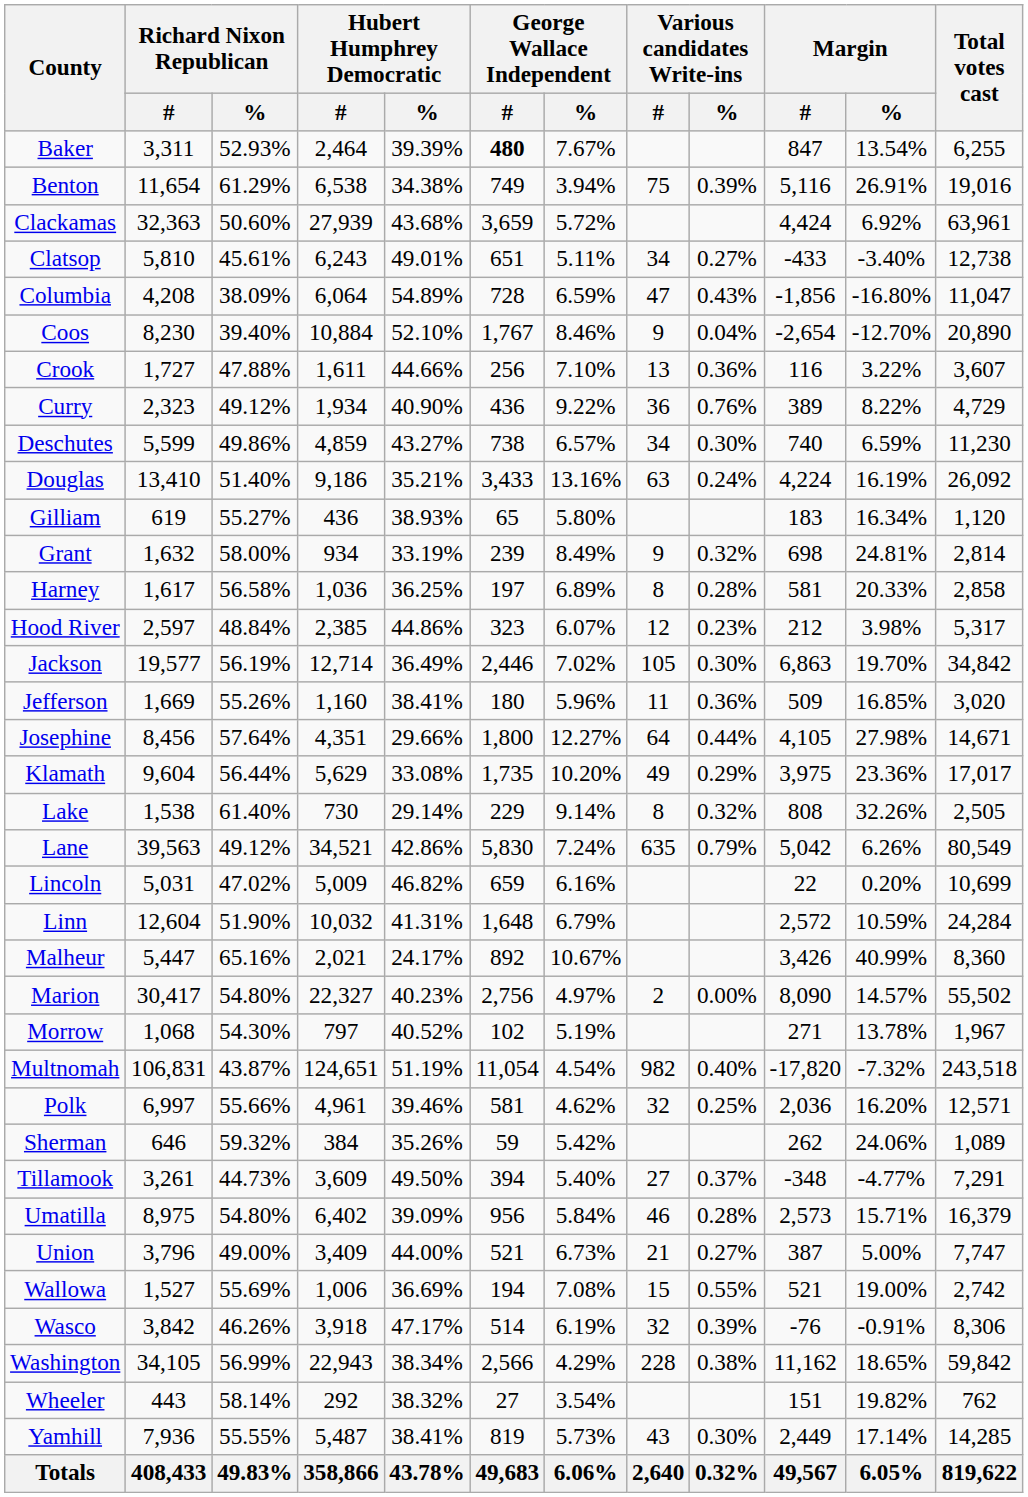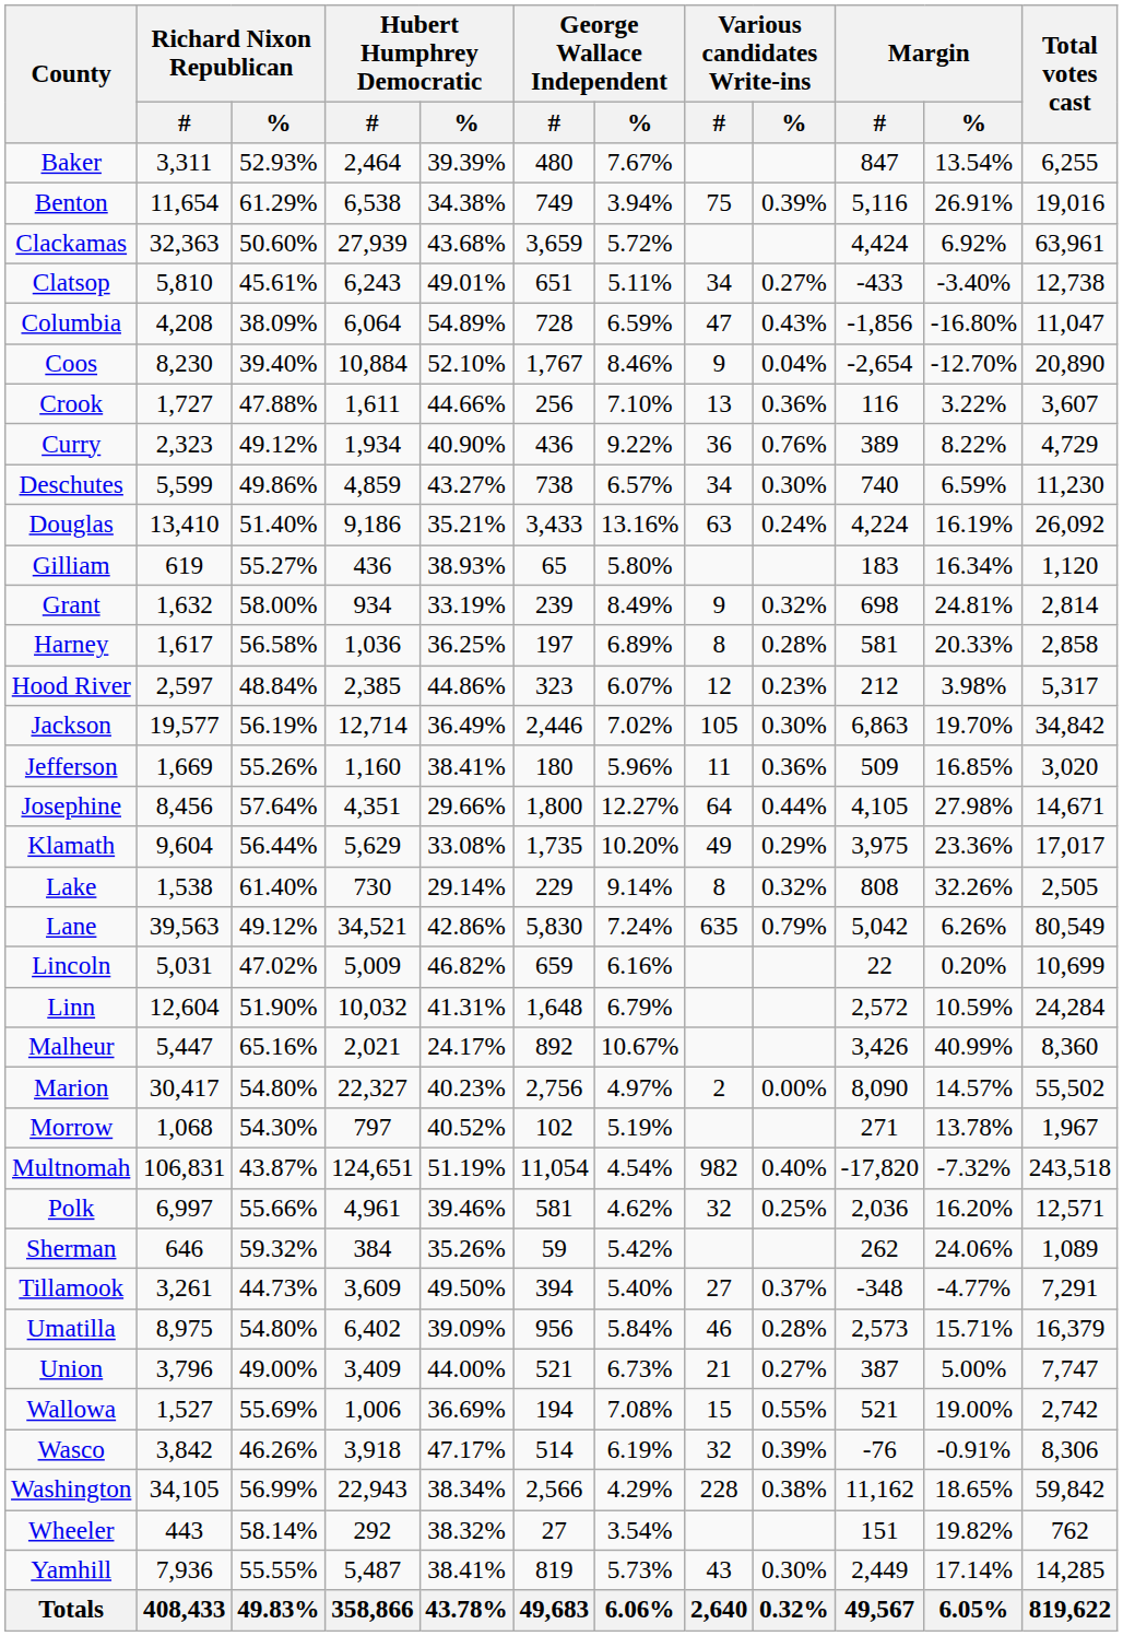 <table width="60%"  class="wikitable sortable" style="text-align:center">
 <tr>
 <th style="text-align:center;" rowspan="2">County</th>
 <th style="text-align:center;" colspan="2">Richard Nixon<br>Republican</th>
 <th style="text-align:center;" colspan="2">Hubert Humphrey<br>Democratic</th>
 <th style="text-align:center;" colspan="2">George Wallace<br>Independent</th>
 <th style="text-align:center;" colspan="2">Various candidates<br>Write-ins</th>
 <th style="text-align:center;" colspan="2">Margin</th>
 <th style="text-align:center;" rowspan="2">Total votes cast</th>
 </tr>
 <tr>
 <th style="text-align:center;" data-sort-type="number">#</th>
 <th style="text-align:center;" data-sort-type="number">%</th>
 <th style="text-align:center;" data-sort-type="number">#</th>
 <th style="text-align:center;" data-sort-type="number">%</th>
 <th style="text-align:center;" data-sort-type="number">#</th>
 <th style="text-align:center;" data-sort-type="number">%</th>
 <th style="text-align:center;" data-sort-type="number">#</th>
 <th style="text-align:center;" data-sort-type="number">%</th>
 <th style="text-align:center;" data-sort-type="number">#</th>
 <th style="text-align:center;" data-sort-type="number">%</th>
 </tr>
 <tr style="text-align:center;">
 <td><a href='#'>Baker</a></td>
 <td>3,311</td>
 <td>52.93%</td>
 <td>2,464</td>
 <td>39.39%</td>
-<td><strong>480</strong></td>
+<td>480</td>
 <td>7.67%</td>
 <td></td>
 <td></td>
 <td>847</td>
 <td>13.54%</td>
 <td>6,255</td>
 </tr>
 <tr style="text-align:center;">
 <td><a href='#'>Benton</a></td>
 <td>11,654</td>
 <td>61.29%</td>
 <td>6,538</td>
 <td>34.38%</td>
 <td>749</td>
 <td>3.94%</td>
 <td>75</td>
 <td>0.39%</td>
 <td>5,116</td>
 <td>26.91%</td>
 <td>19,016</td>
 </tr>
 <tr style="text-align:center;">
 <td><a href='#'>Clackamas</a></td>
 <td>32,363</td>
 <td>50.60%</td>
 <td>27,939</td>
 <td>43.68%</td>
 <td>3,659</td>
 <td>5.72%</td>
 <td></td>
 <td></td>
 <td>4,424</td>
 <td>6.92%</td>
 <td>63,961</td>
 </tr>
 <tr style="text-align:center;">
 <td><a href='#'>Clatsop</a></td>
 <td>5,810</td>
 <td>45.61%</td>
 <td>6,243</td>
 <td>49.01%</td>
 <td>651</td>
 <td>5.11%</td>
 <td>34</td>
 <td>0.27%</td>
 <td>-433</td>
 <td>-3.40%</td>
 <td>12,738</td>
 </tr>
 <tr style="text-align:center;">
 <td><a href='#'>Columbia</a></td>
 <td>4,208</td>
 <td>38.09%</td>
 <td>6,064</td>
 <td>54.89%</td>
 <td>728</td>
 <td>6.59%</td>
 <td>47</td>
 <td>0.43%</td>
 <td>-1,856</td>
 <td>-16.80%</td>
 <td>11,047</td>
 </tr>
 <tr style="text-align:center;">
 <td><a href='#'>Coos</a></td>
 <td>8,230</td>
 <td>39.40%</td>
 <td>10,884</td>
 <td>52.10%</td>
 <td>1,767</td>
 <td>8.46%</td>
 <td>9</td>
 <td>0.04%</td>
 <td>-2,654</td>
 <td>-12.70%</td>
 <td>20,890</td>
 </tr>
 <tr style="text-align:center;">
 <td><a href='#'>Crook</a></td>
 <td>1,727</td>
 <td>47.88%</td>
 <td>1,611</td>
 <td>44.66%</td>
 <td>256</td>
 <td>7.10%</td>
 <td>13</td>
 <td>0.36%</td>
 <td>116</td>
 <td>3.22%</td>
 <td>3,607</td>
 </tr>
 <tr style="text-align:center;">
 <td><a href='#'>Curry</a></td>
 <td>2,323</td>
 <td>49.12%</td>
 <td>1,934</td>
 <td>40.90%</td>
 <td>436</td>
 <td>9.22%</td>
 <td>36</td>
 <td>0.76%</td>
 <td>389</td>
 <td>8.22%</td>
 <td>4,729</td>
 </tr>
 <tr style="text-align:center;">
 <td><a href='#'>Deschutes</a></td>
 <td>5,599</td>
 <td>49.86%</td>
 <td>4,859</td>
 <td>43.27%</td>
 <td>738</td>
 <td>6.57%</td>
 <td>34</td>
 <td>0.30%</td>
 <td>740</td>
 <td>6.59%</td>
 <td>11,230</td>
 </tr>
 <tr style="text-align:center;">
 <td><a href='#'>Douglas</a></td>
 <td>13,410</td>
 <td>51.40%</td>
 <td>9,186</td>
 <td>35.21%</td>
 <td>3,433</td>
 <td>13.16%</td>
 <td>63</td>
 <td>0.24%</td>
 <td>4,224</td>
 <td>16.19%</td>
 <td>26,092</td>
 </tr>
 <tr style="text-align:center;">
 <td><a href='#'>Gilliam</a></td>
 <td>619</td>
 <td>55.27%</td>
 <td>436</td>
 <td>38.93%</td>
 <td>65</td>
 <td>5.80%</td>
 <td></td>
 <td></td>
 <td>183</td>
 <td>16.34%</td>
 <td>1,120</td>
 </tr>
 <tr style="text-align:center;">
 <td><a href='#'>Grant</a></td>
 <td>1,632</td>
 <td>58.00%</td>
 <td>934</td>
 <td>33.19%</td>
 <td>239</td>
 <td>8.49%</td>
 <td>9</td>
 <td>0.32%</td>
 <td>698</td>
 <td>24.81%</td>
 <td>2,814</td>
 </tr>
 <tr style="text-align:center;">
 <td><a href='#'>Harney</a></td>
 <td>1,617</td>
 <td>56.58%</td>
 <td>1,036</td>
 <td>36.25%</td>
 <td>197</td>
 <td>6.89%</td>
 <td>8</td>
 <td>0.28%</td>
 <td>581</td>
 <td>20.33%</td>
 <td>2,858</td>
 </tr>
 <tr style="text-align:center;">
 <td><a href='#'>Hood River</a></td>
 <td>2,597</td>
 <td>48.84%</td>
 <td>2,385</td>
 <td>44.86%</td>
 <td>323</td>
 <td>6.07%</td>
 <td>12</td>
 <td>0.23%</td>
 <td>212</td>
 <td>3.98%</td>
 <td>5,317</td>
 </tr>
 <tr style="text-align:center;">
 <td><a href='#'>Jackson</a></td>
 <td>19,577</td>
 <td>56.19%</td>
 <td>12,714</td>
 <td>36.49%</td>
 <td>2,446</td>
 <td>7.02%</td>
 <td>105</td>
 <td>0.30%</td>
 <td>6,863</td>
 <td>19.70%</td>
 <td>34,842</td>
 </tr>
 <tr style="text-align:center;">
 <td><a href='#'>Jefferson</a></td>
 <td>1,669</td>
 <td>55.26%</td>
 <td>1,160</td>
 <td>38.41%</td>
 <td>180</td>
 <td>5.96%</td>
 <td>11</td>
 <td>0.36%</td>
 <td>509</td>
 <td>16.85%</td>
 <td>3,020</td>
 </tr>
 <tr style="text-align:center;">
 <td><a href='#'>Josephine</a></td>
 <td>8,456</td>
 <td>57.64%</td>
 <td>4,351</td>
 <td>29.66%</td>
 <td>1,800</td>
 <td>12.27%</td>
 <td>64</td>
 <td>0.44%</td>
 <td>4,105</td>
 <td>27.98%</td>
 <td>14,671</td>
 </tr>
 <tr style="text-align:center;">
 <td><a href='#'>Klamath</a></td>
 <td>9,604</td>
 <td>56.44%</td>
 <td>5,629</td>
 <td>33.08%</td>
 <td>1,735</td>
 <td>10.20%</td>
 <td>49</td>
 <td>0.29%</td>
 <td>3,975</td>
 <td>23.36%</td>
 <td>17,017</td>
 </tr>
 <tr style="text-align:center;">
 <td><a href='#'>Lake</a></td>
 <td>1,538</td>
 <td>61.40%</td>
 <td>730</td>
 <td>29.14%</td>
 <td>229</td>
 <td>9.14%</td>
 <td>8</td>
 <td>0.32%</td>
 <td>808</td>
 <td>32.26%</td>
 <td>2,505</td>
 </tr>
 <tr style="text-align:center;">
 <td><a href='#'>Lane</a></td>
 <td>39,563</td>
 <td>49.12%</td>
 <td>34,521</td>
 <td>42.86%</td>
 <td>5,830</td>
 <td>7.24%</td>
 <td>635</td>
 <td>0.79%</td>
 <td>5,042</td>
 <td>6.26%</td>
 <td>80,549</td>
 </tr>
 <tr style="text-align:center;">
 <td><a href='#'>Lincoln</a></td>
 <td>5,031</td>
 <td>47.02%</td>
 <td>5,009</td>
 <td>46.82%</td>
 <td>659</td>
 <td>6.16%</td>
 <td></td>
 <td></td>
 <td>22</td>
 <td>0.20%</td>
 <td>10,699</td>
 </tr>
 <tr style="text-align:center;">
 <td><a href='#'>Linn</a></td>
 <td>12,604</td>
 <td>51.90%</td>
 <td>10,032</td>
 <td>41.31%</td>
 <td>1,648</td>
 <td>6.79%</td>
 <td></td>
 <td></td>
 <td>2,572</td>
 <td>10.59%</td>
 <td>24,284</td>
 </tr>
 <tr style="text-align:center;">
 <td><a href='#'>Malheur</a></td>
 <td>5,447</td>
 <td>65.16%</td>
 <td>2,021</td>
 <td>24.17%</td>
 <td>892</td>
 <td>10.67%</td>
 <td></td>
 <td></td>
 <td>3,426</td>
 <td>40.99%</td>
 <td>8,360</td>
 </tr>
 <tr style="text-align:center;">
 <td><a href='#'>Marion</a></td>
 <td>30,417</td>
 <td>54.80%</td>
 <td>22,327</td>
 <td>40.23%</td>
 <td>2,756</td>
 <td>4.97%</td>
 <td>2</td>
 <td>0.00%</td>
 <td>8,090</td>
 <td>14.57%</td>
 <td>55,502</td>
 </tr>
 <tr style="text-align:center;">
 <td><a href='#'>Morrow</a></td>
 <td>1,068</td>
 <td>54.30%</td>
 <td>797</td>
 <td>40.52%</td>
 <td>102</td>
 <td>5.19%</td>
 <td></td>
 <td></td>
 <td>271</td>
 <td>13.78%</td>
 <td>1,967</td>
 </tr>
 <tr style="text-align:center;">
 <td><a href='#'>Multnomah</a></td>
 <td>106,831</td>
 <td>43.87%</td>
 <td>124,651</td>
 <td>51.19%</td>
 <td>11,054</td>
 <td>4.54%</td>
 <td>982</td>
 <td>0.40%</td>
 <td>-17,820</td>
 <td>-7.32%</td>
 <td>243,518</td>
 </tr>
 <tr style="text-align:center;">
 <td><a href='#'>Polk</a></td>
 <td>6,997</td>
 <td>55.66%</td>
 <td>4,961</td>
 <td>39.46%</td>
 <td>581</td>
 <td>4.62%</td>
 <td>32</td>
 <td>0.25%</td>
 <td>2,036</td>
 <td>16.20%</td>
 <td>12,571</td>
 </tr>
 <tr style="text-align:center;">
 <td><a href='#'>Sherman</a></td>
 <td>646</td>
 <td>59.32%</td>
 <td>384</td>
 <td>35.26%</td>
 <td>59</td>
 <td>5.42%</td>
 <td></td>
 <td></td>
 <td>262</td>
 <td>24.06%</td>
 <td>1,089</td>
 </tr>
 <tr style="text-align:center;">
 <td><a href='#'>Tillamook</a></td>
 <td>3,261</td>
 <td>44.73%</td>
 <td>3,609</td>
 <td>49.50%</td>
 <td>394</td>
 <td>5.40%</td>
 <td>27</td>
 <td>0.37%</td>
 <td>-348</td>
 <td>-4.77%</td>
 <td>7,291</td>
 </tr>
 <tr style="text-align:center;">
 <td><a href='#'>Umatilla</a></td>
 <td>8,975</td>
 <td>54.80%</td>
 <td>6,402</td>
 <td>39.09%</td>
 <td>956</td>
 <td>5.84%</td>
 <td>46</td>
 <td>0.28%</td>
 <td>2,573</td>
 <td>15.71%</td>
 <td>16,379</td>
 </tr>
 <tr style="text-align:center;">
 <td><a href='#'>Union</a></td>
 <td>3,796</td>
 <td>49.00%</td>
 <td>3,409</td>
 <td>44.00%</td>
 <td>521</td>
 <td>6.73%</td>
 <td>21</td>
 <td>0.27%</td>
 <td>387</td>
 <td>5.00%</td>
 <td>7,747</td>
 </tr>
 <tr style="text-align:center;">
 <td><a href='#'>Wallowa</a></td>
 <td>1,527</td>
 <td>55.69%</td>
 <td>1,006</td>
 <td>36.69%</td>
 <td>194</td>
 <td>7.08%</td>
 <td>15</td>
 <td>0.55%</td>
 <td>521</td>
 <td>19.00%</td>
 <td>2,742</td>
 </tr>
 <tr style="text-align:center;">
 <td><a href='#'>Wasco</a></td>
 <td>3,842</td>
 <td>46.26%</td>
 <td>3,918</td>
 <td>47.17%</td>
 <td>514</td>
 <td>6.19%</td>
 <td>32</td>
 <td>0.39%</td>
 <td>-76</td>
 <td>-0.91%</td>
 <td>8,306</td>
 </tr>
 <tr style="text-align:center;">
 <td><a href='#'>Washington</a></td>
 <td>34,105</td>
 <td>56.99%</td>
 <td>22,943</td>
 <td>38.34%</td>
 <td>2,566</td>
 <td>4.29%</td>
 <td>228</td>
 <td>0.38%</td>
 <td>11,162</td>
 <td>18.65%</td>
 <td>59,842</td>
 </tr>
 <tr style="text-align:center;">
 <td><a href='#'>Wheeler</a></td>
 <td>443</td>
 <td>58.14%</td>
 <td>292</td>
 <td>38.32%</td>
 <td>27</td>
 <td>3.54%</td>
 <td></td>
 <td></td>
 <td>151</td>
 <td>19.82%</td>
 <td>762</td>
 </tr>
 <tr style="text-align:center;">
 <td><a href='#'>Yamhill</a></td>
 <td>7,936</td>
 <td>55.55%</td>
 <td>5,487</td>
 <td>38.41%</td>
 <td>819</td>
 <td>5.73%</td>
 <td>43</td>
 <td>0.30%</td>
 <td>2,449</td>
 <td>17.14%</td>
 <td>14,285</td>
 </tr>
 <tr style="text-align:center;">
 <th>Totals</th>
 <th>408,433</th>
 <th>49.83%</th>
 <th>358,866</th>
 <th>43.78%</th>
 <th>49,683</th>
 <th>6.06%</th>
 <th>2,640</th>
 <th>0.32%</th>
 <th>49,567</th>
 <th>6.05%</th>
 <th>819,622</th>
 </tr>
 </table>
